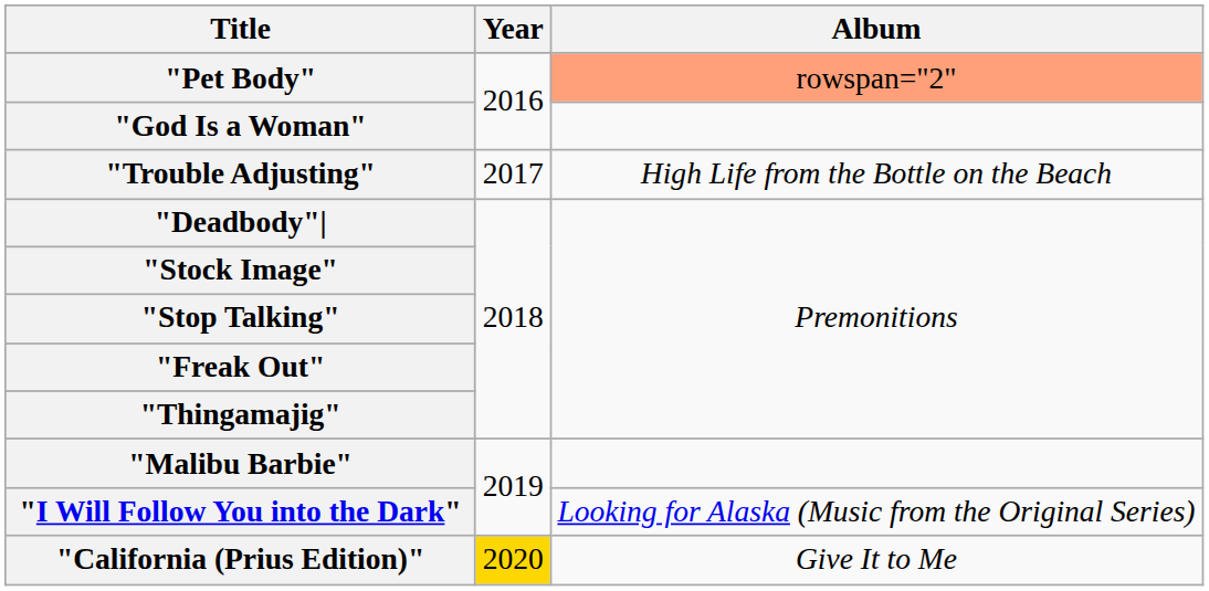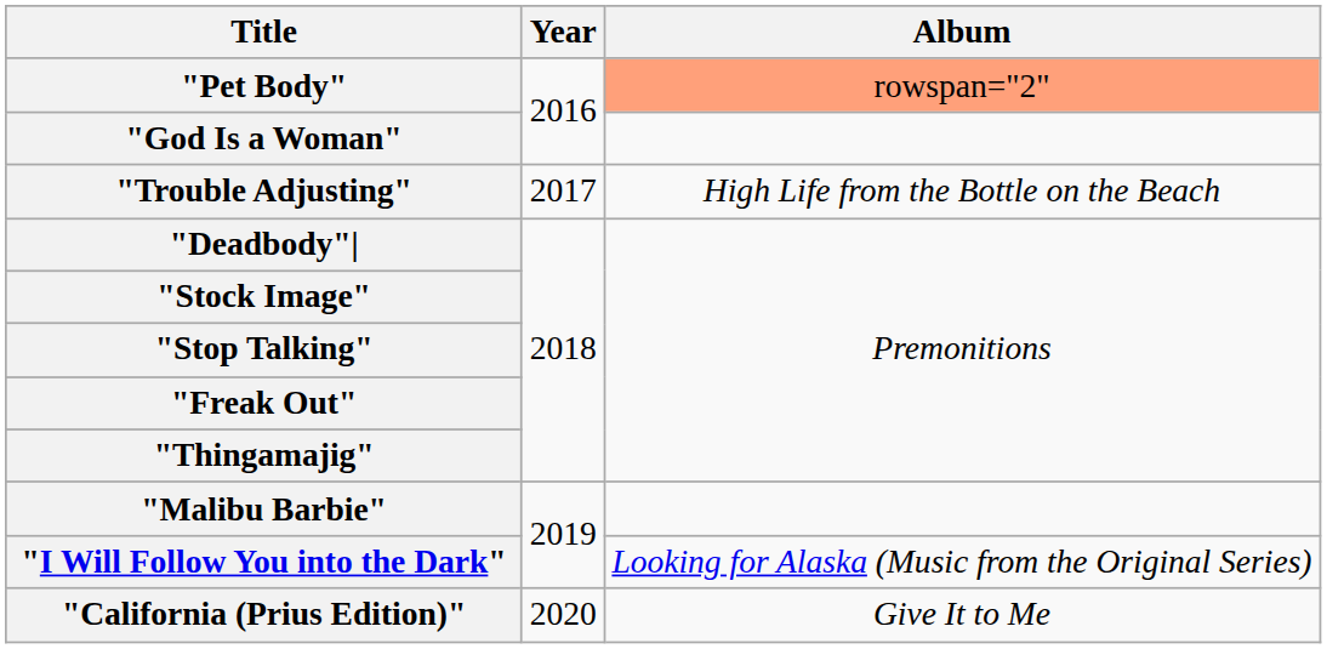 <table class="wikitable plainrowheaders" style="text-align:center;">
 <tr>
 <th scope="col" rowspan="1" style="width:15em;">Title</th>
 <th scope="col" rowspan="1">Year</th>
 <th scope="col" rowspan="1">Album</th>
 </tr>
 <tr>
 <th scope="row">"Pet Body"</th>
 <td rowspan="2">2016</td>
 <td style="background: lightsalmon;">rowspan="2" </td>
 </tr>
 <tr>
 <th scope="row">"God Is a Woman"</th>
 </tr>
 <tr>
 <th scope="row">"Trouble Adjusting"</th>
 <td>2017</td>
 <td><em>High Life from the Bottle on the Beach</em></td>
 </tr>
 <tr>
 <th scope="row">"Deadbody"|</th>
 <td rowspan="5">2018</td>
 <td rowspan="5"><em>Premonitions</em></td>
 </tr>
 <tr>
 <th scope="row">"Stock Image"</th>
 </tr>
 <tr>
 <th scope="row">"Stop Talking"</th>
 </tr>
 <tr>
 <th scope="row">"Freak Out"</th>
 </tr>
 <tr>
 <th scope="row">"Thingamajig"</th>
 </tr>
 <tr>
 <th scope="row">"Malibu Barbie"</th>
 <td rowspan="2">2019</td>
 <td></td>
 </tr>
 <tr>
 <th scope="row">"<a href='#'>I Will Follow You into the Dark</a>"</th>
 <td><em><a href='#'>Looking for Alaska</a> (Music from the Original Series)</em></td>
 </tr>
 <tr>
 <th scope="row">"California (Prius Edition)"<br></th>
-<td rowspan="1" style="background: gold;">2020</td>
+<td rowspan="1">2020</td>
 <td><em>Give It to Me</em></td>
 </tr>
 </table>
